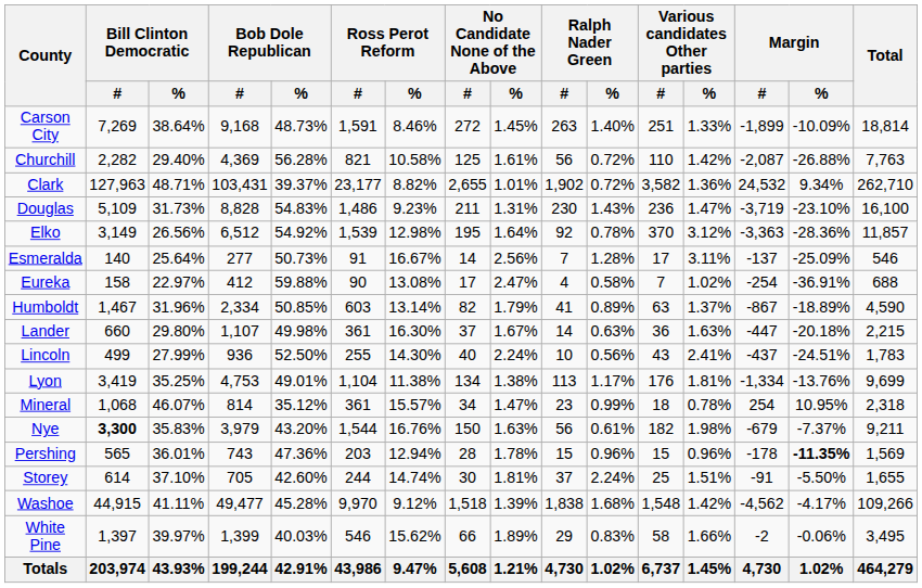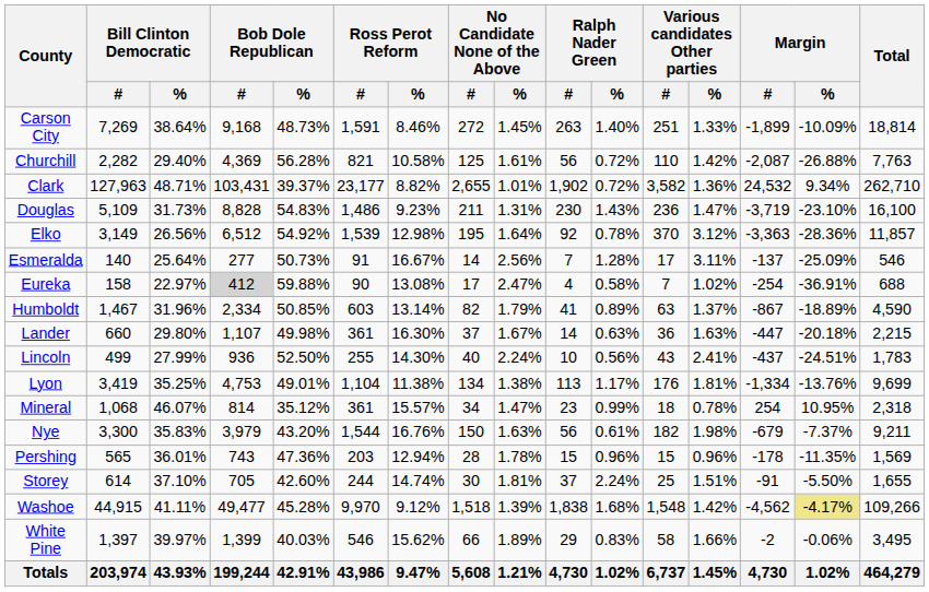 <table width="60%" class="wikitable sortable">
 <tr>
 <th rowspan="2">County</th>
 <th colspan="2">Bill Clinton<br>Democratic</th>
 <th colspan="2">Bob Dole<br>Republican</th>
 <th colspan="2">Ross Perot<br>Reform</th>
 <th colspan="2">No Candidate<br>None of the Above</th>
 <th colspan="2">Ralph Nader<br>Green</th>
 <th colspan="2">Various candidates<br>Other parties</th>
 <th colspan="2">Margin</th>
 <th rowspan="2">Total</th>
 </tr>
 <tr>
 <th style="text-align:center;" data-sort-type="number">#</th>
 <th style="text-align:center;" data-sort-type="number">%</th>
 <th style="text-align:center;" data-sort-type="number">#</th>
 <th style="text-align:center;" data-sort-type="number">%</th>
 <th style="text-align:center;" data-sort-type="number">#</th>
 <th style="text-align:center;" data-sort-type="number">%</th>
 <th style="text-align:center;" data-sort-type="number">#</th>
 <th style="text-align:center;" data-sort-type="number">%</th>
 <th style="text-align:center;" data-sort-type="number">#</th>
 <th style="text-align:center;" data-sort-type="number">%</th>
 <th style="text-align:center;" data-sort-type="number">#</th>
 <th style="text-align:center;" data-sort-type="number">%</th>
 <th style="text-align:center;" data-sort-type="number">#</th>
 <th style="text-align:center;" data-sort-type="number">%</th>
 </tr>
 <tr style="text-align:center;">
 <td><a href='#'>Carson City</a></td>
 <td>7,269</td>
 <td>38.64%</td>
 <td>9,168</td>
 <td>48.73%</td>
 <td>1,591</td>
 <td>8.46%</td>
 <td>272</td>
 <td>1.45%</td>
 <td>263</td>
 <td>1.40%</td>
 <td>251</td>
 <td>1.33%</td>
 <td>-1,899</td>
 <td>-10.09%</td>
 <td>18,814</td>
 </tr>
 <tr style="text-align:center;">
 <td><a href='#'>Churchill</a></td>
 <td>2,282</td>
 <td>29.40%</td>
 <td>4,369</td>
 <td>56.28%</td>
 <td>821</td>
 <td>10.58%</td>
 <td>125</td>
 <td>1.61%</td>
 <td>56</td>
 <td>0.72%</td>
 <td>110</td>
 <td>1.42%</td>
 <td>-2,087</td>
 <td>-26.88%</td>
 <td>7,763</td>
 </tr>
 <tr style="text-align:center;">
 <td><a href='#'>Clark</a></td>
 <td>127,963</td>
 <td>48.71%</td>
 <td>103,431</td>
 <td>39.37%</td>
 <td>23,177</td>
 <td>8.82%</td>
 <td>2,655</td>
 <td>1.01%</td>
 <td>1,902</td>
 <td>0.72%</td>
 <td>3,582</td>
 <td>1.36%</td>
 <td>24,532</td>
 <td>9.34%</td>
 <td>262,710</td>
 </tr>
 <tr style="text-align:center;">
 <td><a href='#'>Douglas</a></td>
 <td>5,109</td>
 <td>31.73%</td>
 <td>8,828</td>
 <td>54.83%</td>
 <td>1,486</td>
 <td>9.23%</td>
 <td>211</td>
 <td>1.31%</td>
 <td>230</td>
 <td>1.43%</td>
 <td>236</td>
 <td>1.47%</td>
 <td>-3,719</td>
 <td>-23.10%</td>
 <td>16,100</td>
 </tr>
 <tr style="text-align:center;">
 <td><a href='#'>Elko</a></td>
 <td>3,149</td>
 <td>26.56%</td>
 <td>6,512</td>
 <td>54.92%</td>
 <td>1,539</td>
 <td>12.98%</td>
 <td>195</td>
 <td>1.64%</td>
 <td>92</td>
 <td>0.78%</td>
 <td>370</td>
 <td>3.12%</td>
 <td>-3,363</td>
 <td>-28.36%</td>
 <td>11,857</td>
 </tr>
 <tr style="text-align:center;">
 <td><a href='#'>Esmeralda</a></td>
 <td>140</td>
 <td>25.64%</td>
 <td>277</td>
 <td>50.73%</td>
 <td>91</td>
 <td>16.67%</td>
 <td>14</td>
 <td>2.56%</td>
 <td>7</td>
 <td>1.28%</td>
 <td>17</td>
 <td>3.11%</td>
 <td>-137</td>
 <td>-25.09%</td>
 <td>546</td>
 </tr>
 <tr style="text-align:center;">
 <td><a href='#'>Eureka</a></td>
 <td>158</td>
 <td>22.97%</td>
-<td>412</td>
+<td style="background: lightgrey;">412</td>
 <td>59.88%</td>
 <td>90</td>
 <td>13.08%</td>
 <td>17</td>
 <td>2.47%</td>
 <td>4</td>
 <td>0.58%</td>
 <td>7</td>
 <td>1.02%</td>
 <td>-254</td>
 <td>-36.91%</td>
 <td>688</td>
 </tr>
 <tr style="text-align:center;">
 <td><a href='#'>Humboldt</a></td>
 <td>1,467</td>
 <td>31.96%</td>
 <td>2,334</td>
 <td>50.85%</td>
 <td>603</td>
 <td>13.14%</td>
 <td>82</td>
 <td>1.79%</td>
 <td>41</td>
 <td>0.89%</td>
 <td>63</td>
 <td>1.37%</td>
 <td>-867</td>
 <td>-18.89%</td>
 <td>4,590</td>
 </tr>
 <tr style="text-align:center;">
 <td><a href='#'>Lander</a></td>
 <td>660</td>
 <td>29.80%</td>
 <td>1,107</td>
 <td>49.98%</td>
 <td>361</td>
 <td>16.30%</td>
 <td>37</td>
 <td>1.67%</td>
 <td>14</td>
 <td>0.63%</td>
 <td>36</td>
 <td>1.63%</td>
 <td>-447</td>
 <td>-20.18%</td>
 <td>2,215</td>
 </tr>
 <tr style="text-align:center;">
 <td><a href='#'>Lincoln</a></td>
 <td>499</td>
 <td>27.99%</td>
 <td>936</td>
 <td>52.50%</td>
 <td>255</td>
 <td>14.30%</td>
 <td>40</td>
 <td>2.24%</td>
 <td>10</td>
 <td>0.56%</td>
 <td>43</td>
 <td>2.41%</td>
 <td>-437</td>
 <td>-24.51%</td>
 <td>1,783</td>
 </tr>
 <tr style="text-align:center;">
 <td><a href='#'>Lyon</a></td>
 <td>3,419</td>
 <td>35.25%</td>
 <td>4,753</td>
 <td>49.01%</td>
 <td>1,104</td>
 <td>11.38%</td>
 <td>134</td>
 <td>1.38%</td>
 <td>113</td>
 <td>1.17%</td>
 <td>176</td>
 <td>1.81%</td>
 <td>-1,334</td>
 <td>-13.76%</td>
 <td>9,699</td>
 </tr>
 <tr style="text-align:center;">
 <td><a href='#'>Mineral</a></td>
 <td>1,068</td>
 <td>46.07%</td>
 <td>814</td>
 <td>35.12%</td>
 <td>361</td>
 <td>15.57%</td>
 <td>34</td>
 <td>1.47%</td>
 <td>23</td>
 <td>0.99%</td>
 <td>18</td>
 <td>0.78%</td>
 <td>254</td>
 <td>10.95%</td>
 <td>2,318</td>
 </tr>
 <tr style="text-align:center;">
 <td><a href='#'>Nye</a></td>
-<td><strong>3,300</strong></td>
+<td>3,300</td>
 <td>35.83%</td>
 <td>3,979</td>
 <td>43.20%</td>
 <td>1,544</td>
 <td>16.76%</td>
 <td>150</td>
 <td>1.63%</td>
 <td>56</td>
 <td>0.61%</td>
 <td>182</td>
 <td>1.98%</td>
 <td>-679</td>
 <td>-7.37%</td>
 <td>9,211</td>
 </tr>
 <tr style="text-align:center;">
 <td><a href='#'>Pershing</a></td>
 <td>565</td>
 <td>36.01%</td>
 <td>743</td>
 <td>47.36%</td>
 <td>203</td>
 <td>12.94%</td>
 <td>28</td>
 <td>1.78%</td>
 <td>15</td>
 <td>0.96%</td>
 <td>15</td>
 <td>0.96%</td>
 <td>-178</td>
-<td><strong>-11.35%</strong></td>
+<td>-11.35%</td>
 <td>1,569</td>
 </tr>
 <tr style="text-align:center;">
 <td><a href='#'>Storey</a></td>
 <td>614</td>
 <td>37.10%</td>
 <td>705</td>
 <td>42.60%</td>
 <td>244</td>
 <td>14.74%</td>
 <td>30</td>
 <td>1.81%</td>
 <td>37</td>
 <td>2.24%</td>
 <td>25</td>
 <td>1.51%</td>
 <td>-91</td>
 <td>-5.50%</td>
 <td>1,655</td>
 </tr>
 <tr style="text-align:center;">
 <td><a href='#'>Washoe</a></td>
 <td>44,915</td>
 <td>41.11%</td>
 <td>49,477</td>
 <td>45.28%</td>
 <td>9,970</td>
 <td>9.12%</td>
 <td>1,518</td>
 <td>1.39%</td>
 <td>1,838</td>
 <td>1.68%</td>
 <td>1,548</td>
 <td>1.42%</td>
 <td>-4,562</td>
-<td>-4.17%</td>
+<td style="background: khaki;">-4.17%</td>
 <td>109,266</td>
 </tr>
 <tr style="text-align:center;">
 <td><a href='#'>White Pine</a></td>
 <td>1,397</td>
 <td>39.97%</td>
 <td>1,399</td>
 <td>40.03%</td>
 <td>546</td>
 <td>15.62%</td>
 <td>66</td>
 <td>1.89%</td>
 <td>29</td>
 <td>0.83%</td>
 <td>58</td>
 <td>1.66%</td>
 <td>-2</td>
 <td>-0.06%</td>
 <td>3,495</td>
 </tr>
 <tr style="text-align:center;">
 <th>Totals</th>
 <th>203,974</th>
 <th>43.93%</th>
 <th>199,244</th>
 <th>42.91%</th>
 <th>43,986</th>
 <th>9.47%</th>
 <th>5,608</th>
 <th>1.21%</th>
 <th>4,730</th>
 <th>1.02%</th>
 <th>6,737</th>
 <th>1.45%</th>
 <th>4,730</th>
 <th>1.02%</th>
 <th>464,279</th>
 </tr>
 </table>
